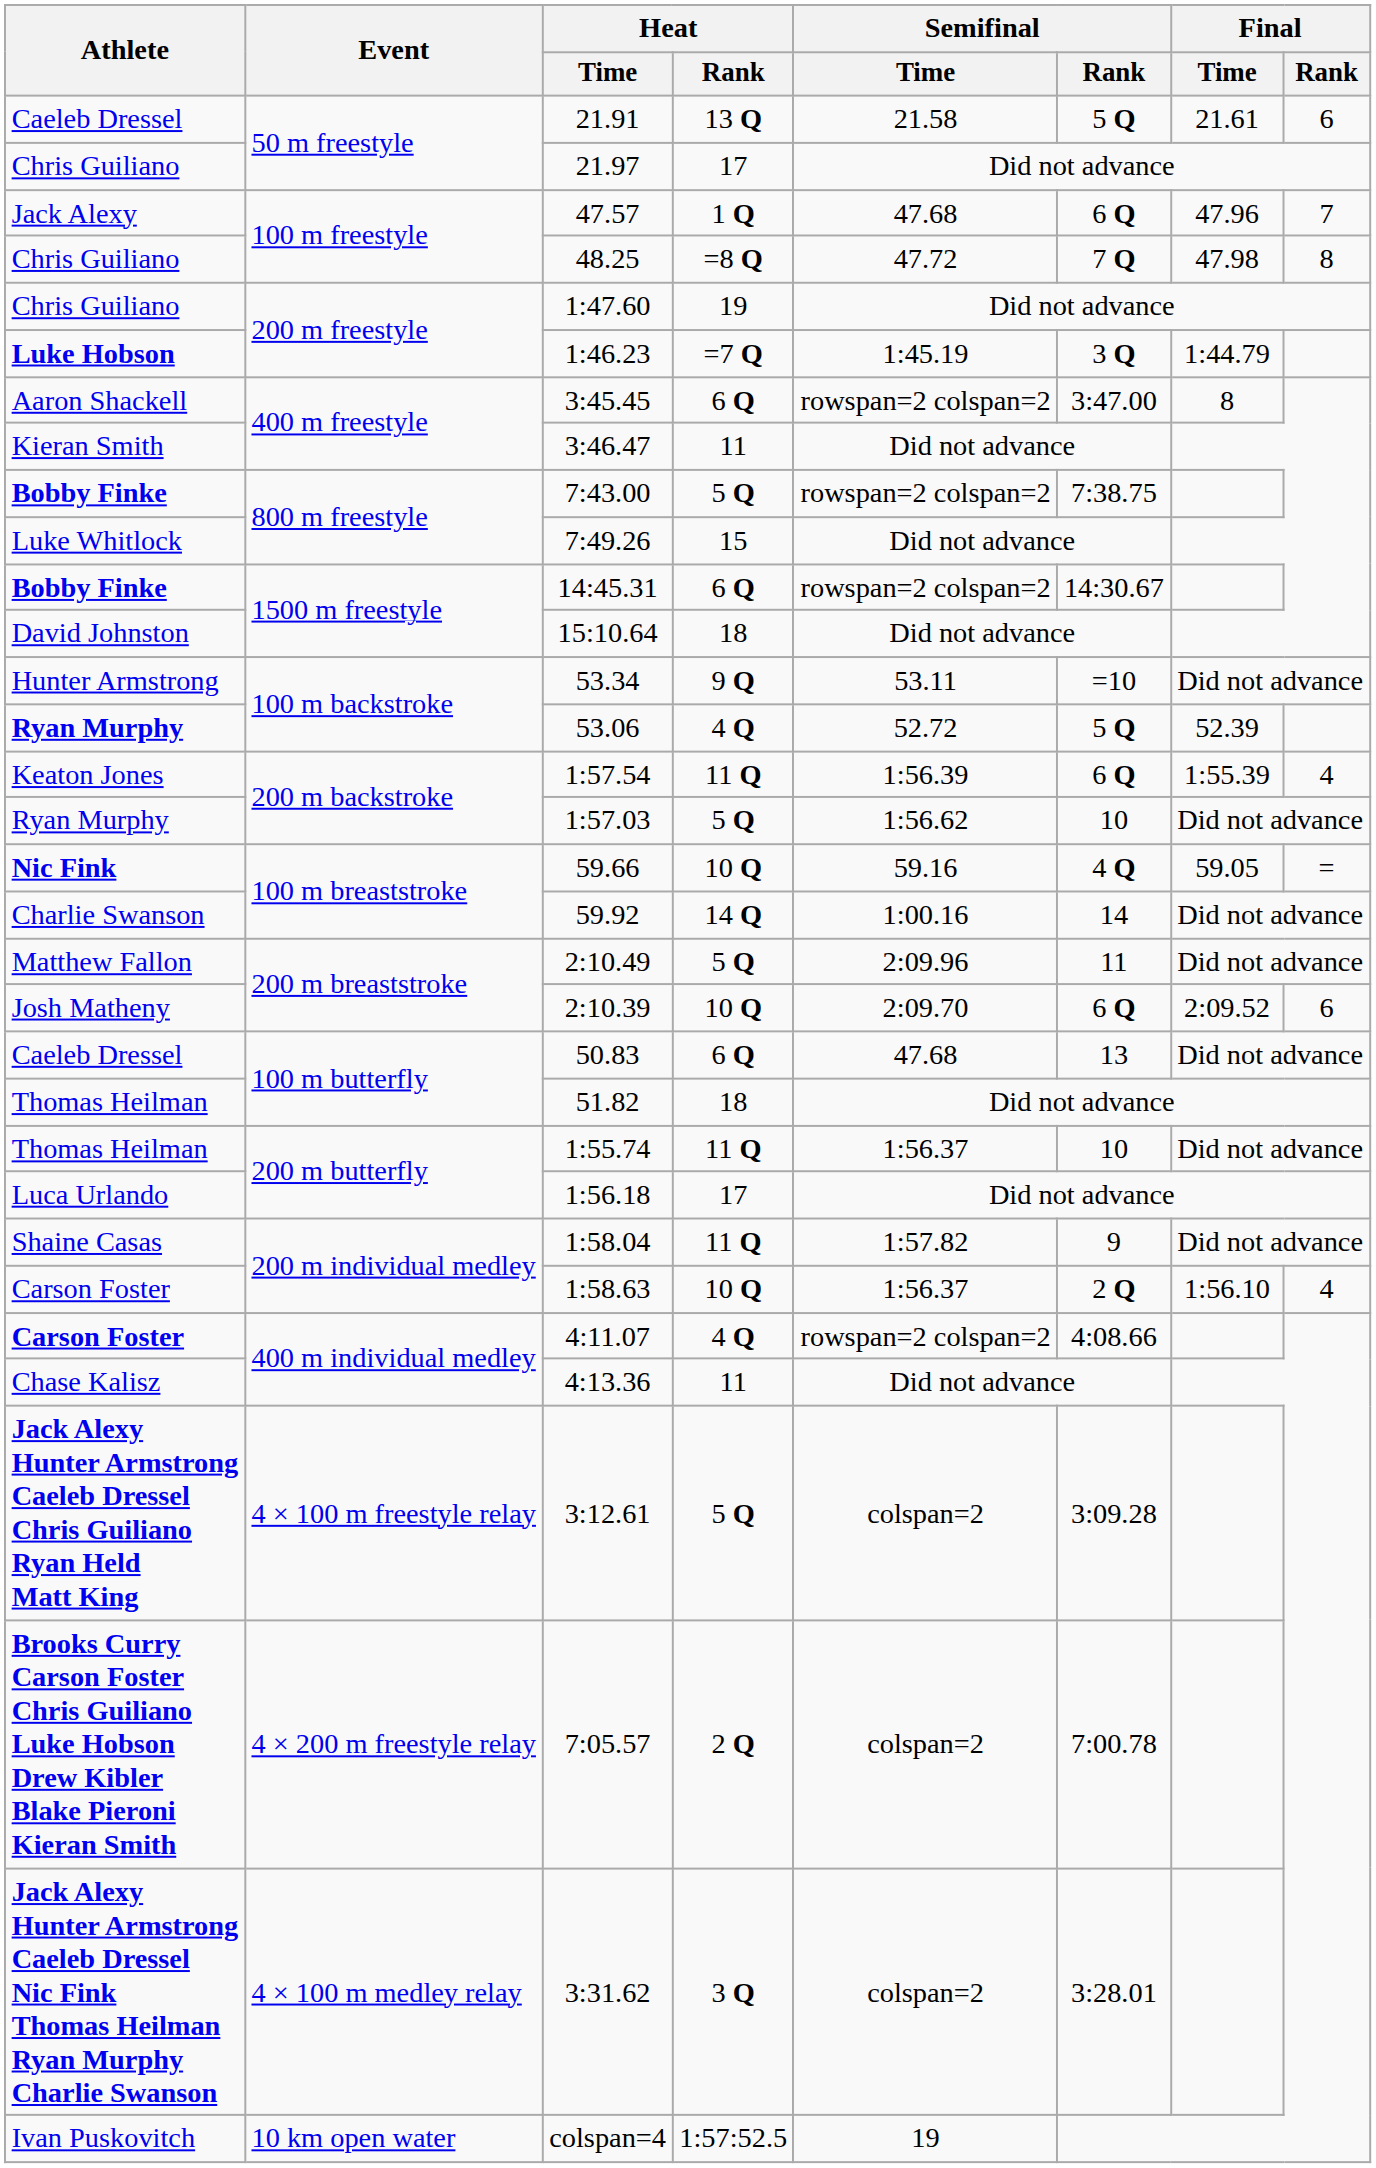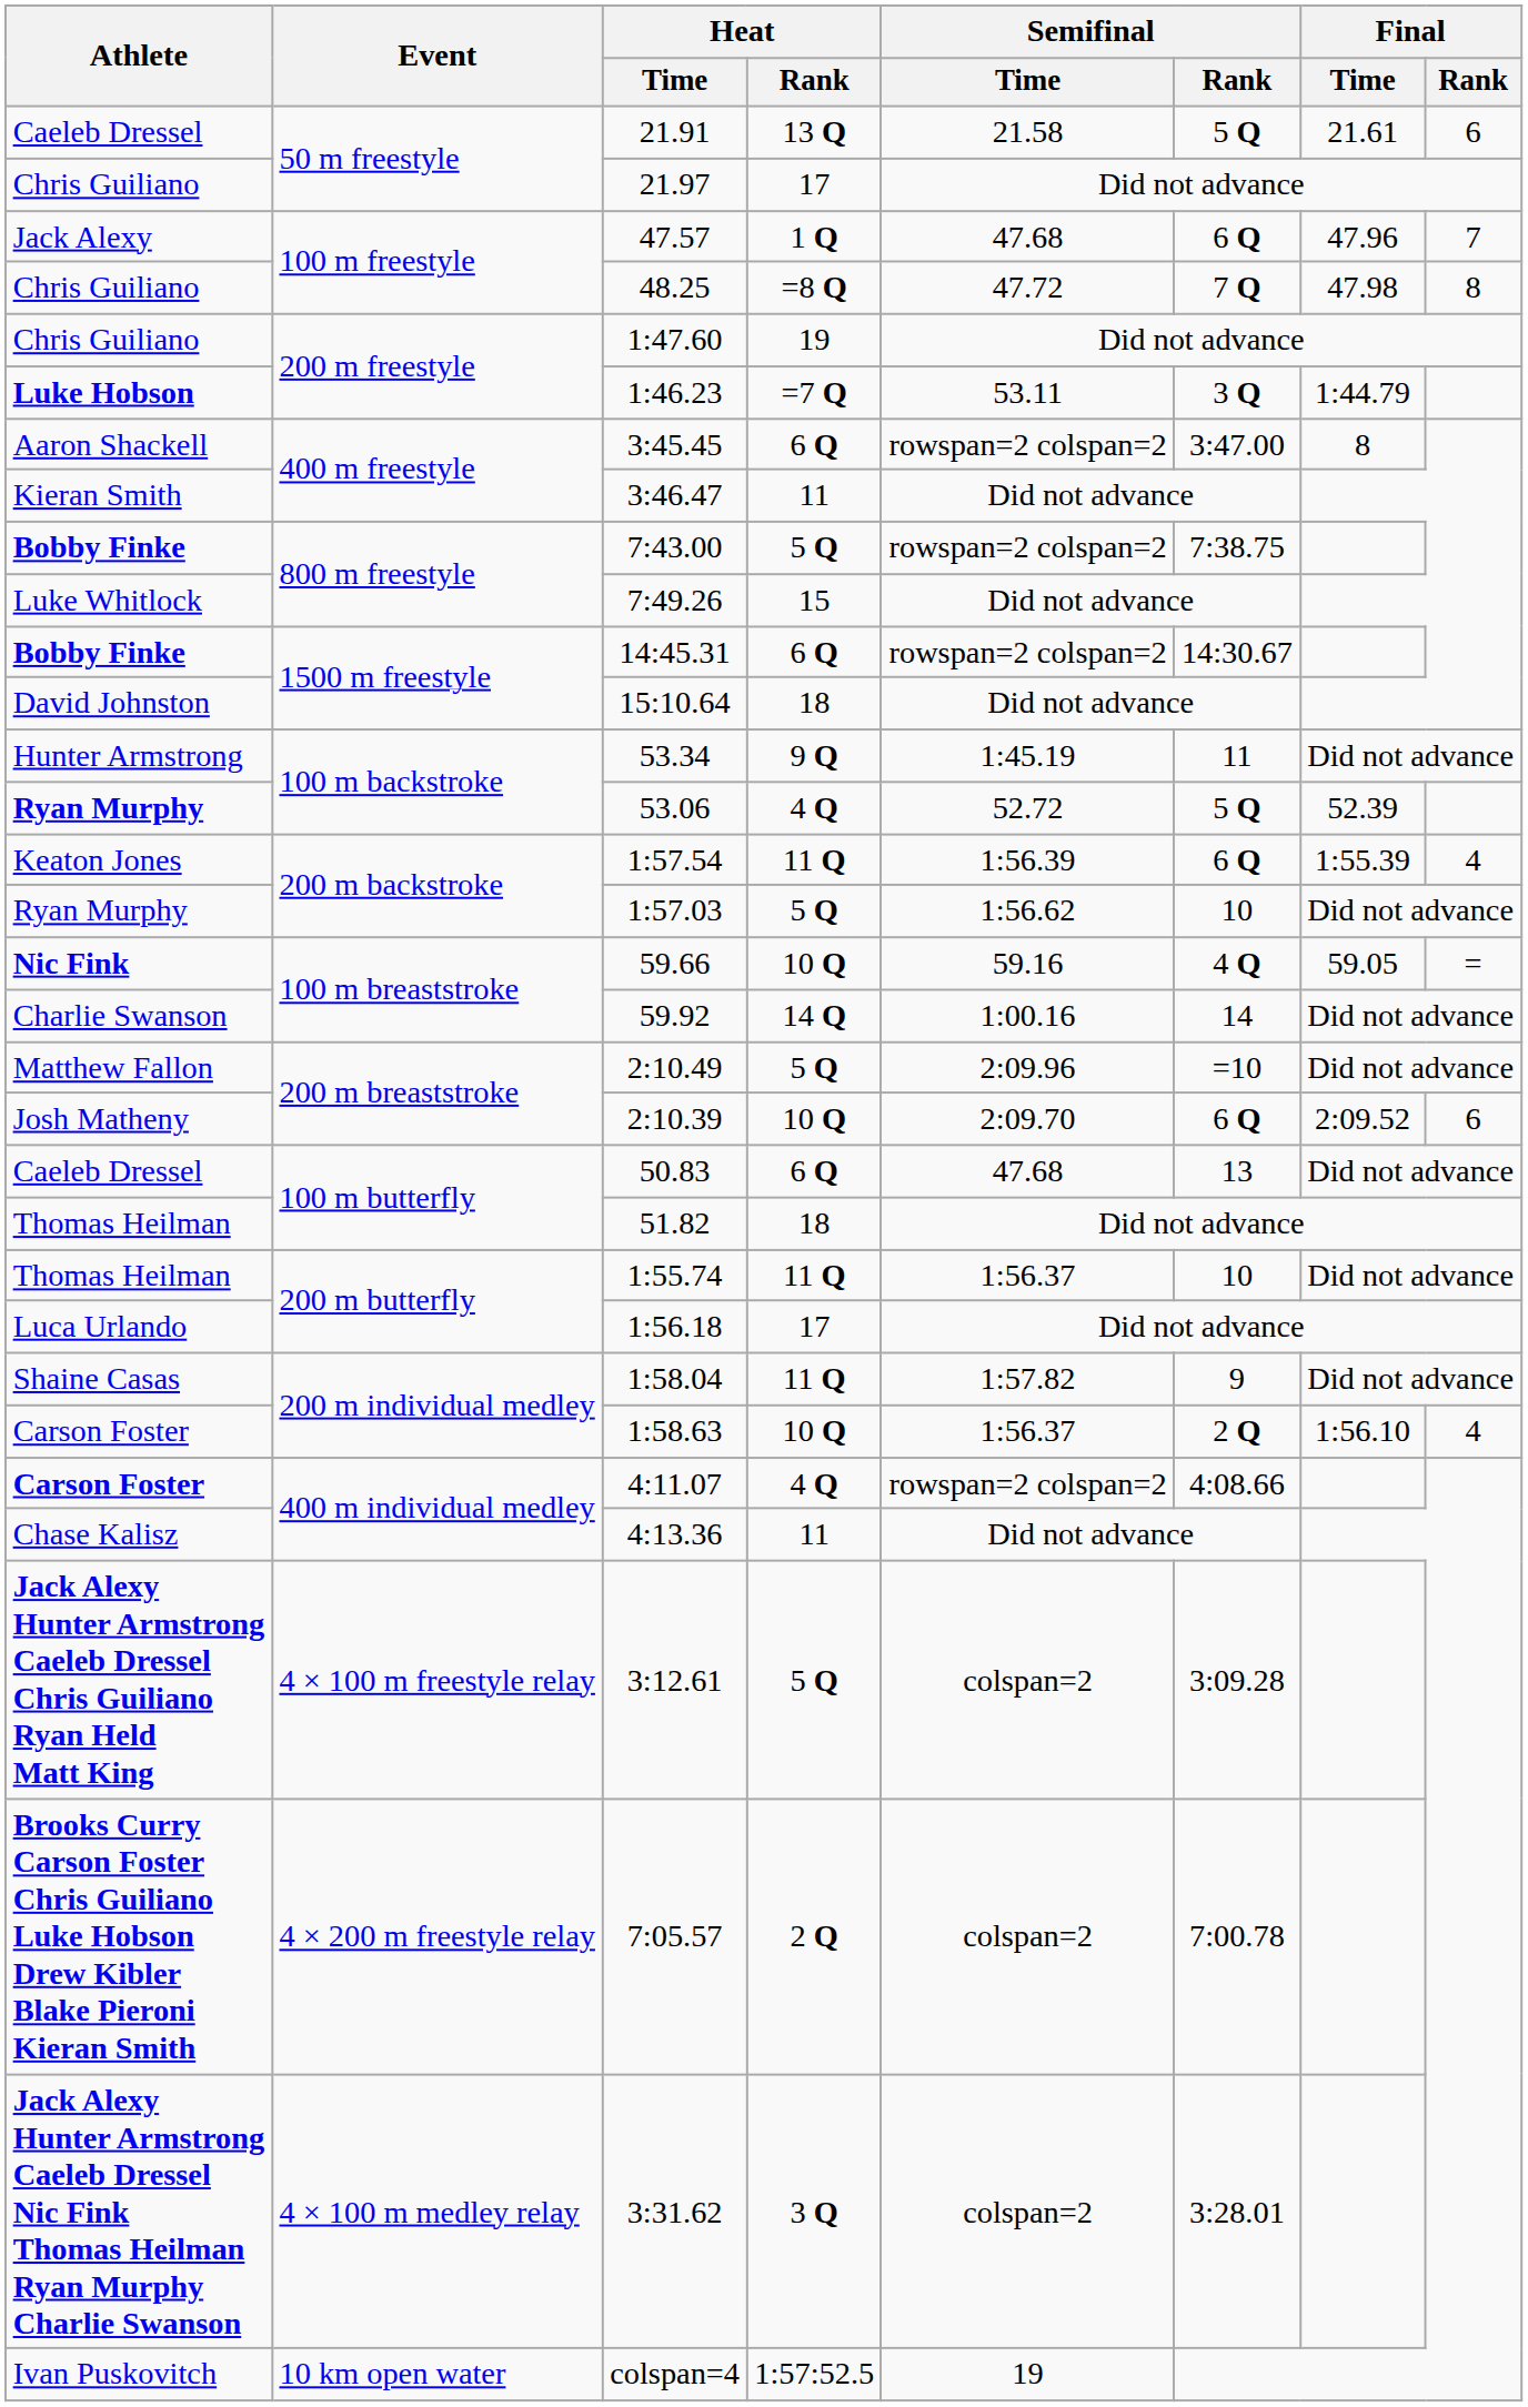 <table class=wikitable style=font-size:90%;text-align:center>
 <tr>
 <th rowspan=2>Athlete</th>
 <th rowspan=2>Event</th>
 <th colspan=2>Heat</th>
 <th colspan=2>Semifinal</th>
 <th colspan=2>Final</th>
 </tr>
 <tr style=font-size:95%>
 <th>Time</th>
 <th>Rank</th>
 <th>Time</th>
 <th>Rank</th>
 <th>Time</th>
 <th>Rank</th>
 </tr>
 <tr>
 <td align=left><a href='#'>Caeleb Dressel</a></td>
 <td align=left rowspan=2><a href='#'>50 m freestyle</a></td>
 <td>21.91</td>
 <td>13 <strong>Q</strong></td>
 <td>21.58</td>
 <td>5 <strong>Q</strong></td>
 <td>21.61</td>
 <td>6</td>
 </tr>
 <tr>
 <td align=left><a href='#'>Chris Guiliano</a></td>
 <td>21.97</td>
 <td>17</td>
 <td colspan=4>Did not advance</td>
 </tr>
 <tr>
 <td align=left><a href='#'>Jack Alexy</a></td>
 <td align=left rowspan=2><a href='#'>100 m freestyle</a></td>
 <td>47.57</td>
 <td>1 <strong>Q</strong></td>
 <td>47.68</td>
 <td>6 <strong>Q</strong></td>
 <td>47.96</td>
 <td>7</td>
 </tr>
 <tr>
 <td align=left><a href='#'>Chris Guiliano</a></td>
 <td>48.25</td>
 <td>=8 <strong>Q</strong></td>
 <td>47.72</td>
 <td>7 <strong>Q</strong></td>
 <td>47.98</td>
 <td>8</td>
 </tr>
 <tr>
 <td align=left><a href='#'>Chris Guiliano</a></td>
 <td align=left rowspan=2><a href='#'>200 m freestyle</a></td>
 <td>1:47.60</td>
 <td>19</td>
 <td colspan=4>Did not advance</td>
 </tr>
 <tr>
 <td align=left><strong><a href='#'>Luke Hobson</a></strong></td>
 <td>1:46.23</td>
 <td>=7 <strong>Q</strong></td>
-<td>1:45.19</td>
+<td>53.11</td>
 <td>3 <strong>Q</strong></td>
 <td>1:44.79</td>
 <td></td>
 </tr>
 <tr>
 <td align=left><a href='#'>Aaron Shackell</a></td>
 <td align=left rowspan=2><a href='#'>400 m freestyle</a></td>
 <td>3:45.45</td>
 <td>6 <strong>Q</strong></td>
 <td>rowspan=2 colspan=2 </td>
 <td>3:47.00</td>
 <td>8</td>
 </tr>
 <tr>
 <td align=left><a href='#'>Kieran Smith</a></td>
 <td>3:46.47</td>
 <td>11</td>
 <td colspan=2>Did not advance</td>
 </tr>
 <tr>
 <td align=left><strong><a href='#'>Bobby Finke</a></strong></td>
 <td align=left rowspan=2><a href='#'>800 m freestyle</a></td>
 <td>7:43.00</td>
 <td>5 <strong>Q</strong></td>
 <td>rowspan=2 colspan=2 </td>
 <td>7:38.75</td>
 <td></td>
 </tr>
 <tr>
 <td align=left><a href='#'>Luke Whitlock</a></td>
 <td>7:49.26</td>
 <td>15</td>
 <td colspan=2>Did not advance</td>
 </tr>
 <tr>
 <td align=left><strong><a href='#'>Bobby Finke</a></strong></td>
 <td align=left rowspan=2><a href='#'>1500 m freestyle</a></td>
 <td>14:45.31</td>
 <td>6 <strong>Q</strong></td>
 <td>rowspan=2 colspan=2 </td>
 <td>14:30.67 </td>
 <td></td>
 </tr>
 <tr>
 <td align=left><a href='#'>David Johnston</a></td>
 <td>15:10.64</td>
 <td>18</td>
 <td colspan=2>Did not advance</td>
 </tr>
 <tr>
 <td align=left><a href='#'>Hunter Armstrong</a></td>
 <td align=left rowspan=2><a href='#'>100 m backstroke</a></td>
 <td>53.34</td>
 <td>9 <strong>Q</strong></td>
-<td>53.11</td>
-<td>=10</td>
+<td>1:45.19</td>
+<td>11</td>
 <td colspan=2>Did not advance</td>
 </tr>
 <tr>
 <td align=left><strong><a href='#'>Ryan Murphy</a></strong></td>
 <td>53.06</td>
 <td>4 <strong>Q</strong></td>
 <td>52.72</td>
 <td>5 <strong>Q</strong></td>
 <td>52.39</td>
 <td></td>
 </tr>
 <tr>
 <td align=left><a href='#'>Keaton Jones</a></td>
 <td align=left rowspan=2><a href='#'>200 m backstroke</a></td>
 <td>1:57.54</td>
 <td>11 <strong>Q</strong></td>
 <td>1:56.39</td>
 <td>6 <strong>Q</strong></td>
 <td>1:55.39</td>
 <td>4</td>
 </tr>
 <tr>
 <td align=left><a href='#'>Ryan Murphy</a></td>
 <td>1:57.03</td>
 <td>5 <strong>Q</strong></td>
 <td>1:56.62</td>
 <td>10</td>
 <td colspan=2>Did not advance</td>
 </tr>
 <tr>
 <td align=left><strong><a href='#'>Nic Fink</a></strong></td>
 <td align=left rowspan=2><a href='#'>100 m breaststroke</a></td>
 <td>59.66</td>
 <td>10 <strong>Q</strong></td>
 <td>59.16</td>
 <td>4 <strong>Q</strong></td>
 <td>59.05</td>
 <td>=</td>
 </tr>
 <tr>
 <td align=left><a href='#'>Charlie Swanson</a></td>
 <td>59.92</td>
 <td>14 <strong>Q</strong></td>
 <td>1:00.16</td>
 <td>14</td>
 <td colspan=2>Did not advance</td>
 </tr>
 <tr>
 <td align=left><a href='#'>Matthew Fallon</a></td>
 <td align=left rowspan=2><a href='#'>200 m breaststroke</a></td>
 <td>2:10.49</td>
 <td>5 <strong>Q</strong></td>
 <td>2:09.96</td>
-<td>11</td>
+<td>=10</td>
 <td colspan=2>Did not advance</td>
 </tr>
 <tr>
 <td align=left><a href='#'>Josh Matheny</a></td>
 <td>2:10.39</td>
 <td>10 <strong>Q</strong></td>
 <td>2:09.70</td>
 <td>6 <strong>Q</strong></td>
 <td>2:09.52</td>
 <td>6</td>
 </tr>
 <tr>
 <td align=left><a href='#'>Caeleb Dressel</a></td>
 <td align=left rowspan=2><a href='#'>100 m butterfly</a></td>
 <td>50.83</td>
 <td>6 <strong>Q</strong></td>
 <td>47.68</td>
 <td>13</td>
 <td colspan=2>Did not advance</td>
 </tr>
 <tr>
 <td align=left><a href='#'>Thomas Heilman</a></td>
 <td>51.82</td>
 <td>18</td>
 <td colspan=4>Did not advance</td>
 </tr>
 <tr>
 <td align=left><a href='#'>Thomas Heilman</a></td>
 <td align=left rowspan=2><a href='#'>200 m butterfly</a></td>
 <td>1:55.74</td>
 <td>11 <strong>Q</strong></td>
 <td>1:56.37</td>
 <td>10</td>
 <td colspan=2>Did not advance</td>
 </tr>
 <tr>
 <td align=left><a href='#'>Luca Urlando</a></td>
 <td>1:56.18</td>
 <td>17</td>
 <td colspan=4>Did not advance</td>
 </tr>
 <tr>
 <td align=left><a href='#'>Shaine Casas</a></td>
 <td align=left rowspan=2><a href='#'>200 m individual medley</a></td>
 <td>1:58.04</td>
 <td>11 <strong>Q</strong></td>
 <td>1:57.82</td>
 <td>9</td>
 <td colspan=2>Did not advance</td>
 </tr>
 <tr>
 <td align=left><a href='#'>Carson Foster</a></td>
 <td>1:58.63</td>
 <td>10 <strong>Q</strong></td>
 <td>1:56.37</td>
 <td>2 <strong>Q</strong></td>
 <td>1:56.10</td>
 <td>4</td>
 </tr>
 <tr>
 <td align=left><strong><a href='#'>Carson Foster</a></strong></td>
 <td align=left rowspan=2><a href='#'>400 m individual medley</a></td>
 <td>4:11.07</td>
 <td>4 <strong>Q</strong></td>
 <td>rowspan=2 colspan=2 </td>
 <td>4:08.66</td>
 <td></td>
 </tr>
 <tr>
 <td align=left><a href='#'>Chase Kalisz</a></td>
 <td>4:13.36</td>
 <td>11</td>
 <td colspan=2>Did not advance</td>
 </tr>
 <tr>
 <td align=left><strong><a href='#'>Jack Alexy</a><br><a href='#'>Hunter Armstrong</a><br><a href='#'>Caeleb Dressel</a><br><a href='#'>Chris Guiliano</a><br><a href='#'>Ryan Held</a></strong><br><strong><a href='#'>Matt King</a></strong></td>
 <td align=left><a href='#'>4 × 100 m freestyle relay</a></td>
 <td>3:12.61</td>
 <td>5 <strong>Q</strong></td>
 <td>colspan=2 </td>
 <td>3:09.28</td>
 <td></td>
 </tr>
 <tr>
 <td align=left><strong><a href='#'>Brooks Curry</a></strong><br><strong><a href='#'>Carson Foster</a><br><a href='#'>Chris Guiliano</a></strong><br><strong><a href='#'>Luke Hobson</a><br><a href='#'>Drew Kibler</a><br><a href='#'>Blake Pieroni</a></strong><br><strong><a href='#'>Kieran Smith</a></strong></td>
 <td align=left><a href='#'>4 × 200 m freestyle relay</a></td>
 <td>7:05.57</td>
 <td>2 <strong>Q</strong></td>
 <td>colspan=2 </td>
 <td>7:00.78</td>
 <td></td>
 </tr>
 <tr>
 <td align=left><strong><a href='#'>Jack Alexy</a></strong><br><strong><a href='#'>Hunter Armstrong</a><br><a href='#'>Caeleb Dressel</a><br><a href='#'>Nic Fink</a><br><a href='#'>Thomas Heilman</a></strong><br><strong><a href='#'>Ryan Murphy</a><br><a href='#'>Charlie Swanson</a></strong></td>
 <td align=left><a href='#'>4 × 100 m medley relay</a></td>
 <td>3:31.62</td>
 <td>3 <strong>Q</strong></td>
 <td>colspan=2 </td>
 <td>3:28.01</td>
 <td></td>
 </tr>
 <tr>
 <td align=left><a href='#'>Ivan Puskovitch</a></td>
 <td align=left><a href='#'>10 km open water</a></td>
 <td>colspan=4 </td>
 <td>1:57:52.5</td>
 <td>19</td>
 </tr>
 </table>
